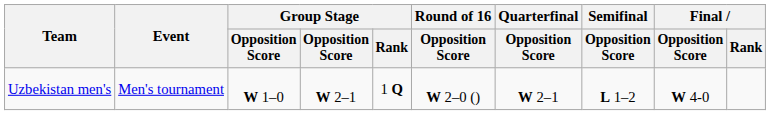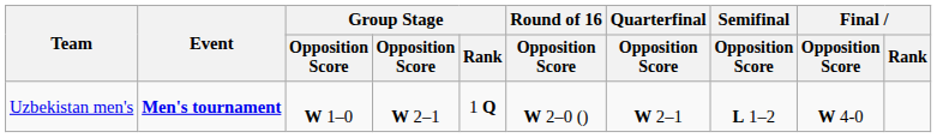 <table class=wikitable style=font-size:90%;text-align:center>
 <tr>
 <th rowspan=2>Team</th>
 <th rowspan=2>Event</th>
 <th colspan=3>Group Stage</th>
 <th>Round of 16</th>
 <th>Quarterfinal</th>
 <th>Semifinal</th>
 <th colspan=2>Final / </th>
 </tr>
 <tr style=font-size:95%>
 <th>Opposition<br>Score</th>
 <th>Opposition<br>Score</th>
 <th>Rank</th>
 <th>Opposition<br>Score</th>
 <th>Opposition<br>Score</th>
 <th>Opposition<br>Score</th>
 <th>Opposition<br>Score</th>
 <th>Rank</th>
 </tr>
 <tr>
 <td align=left><a href='#'>Uzbekistan men's</a></td>
-<td align=left><a href='#'>Men's tournament</a></td>
+<td align=left><strong><a href='#'>Men's tournament</a></strong></td>
 <td><br><strong>W</strong> 1–0</td>
 <td><br><strong>W</strong> 2–1</td>
 <td>1 <strong>Q</strong></td>
 <td><br><strong>W</strong> 2–0 ()</td>
 <td><br><strong>W</strong> 2–1</td>
 <td><br><strong>L</strong> 1–2</td>
 <td><br><strong>W</strong> 4-0</td>
 <td></td>
 </tr>
 </table>
